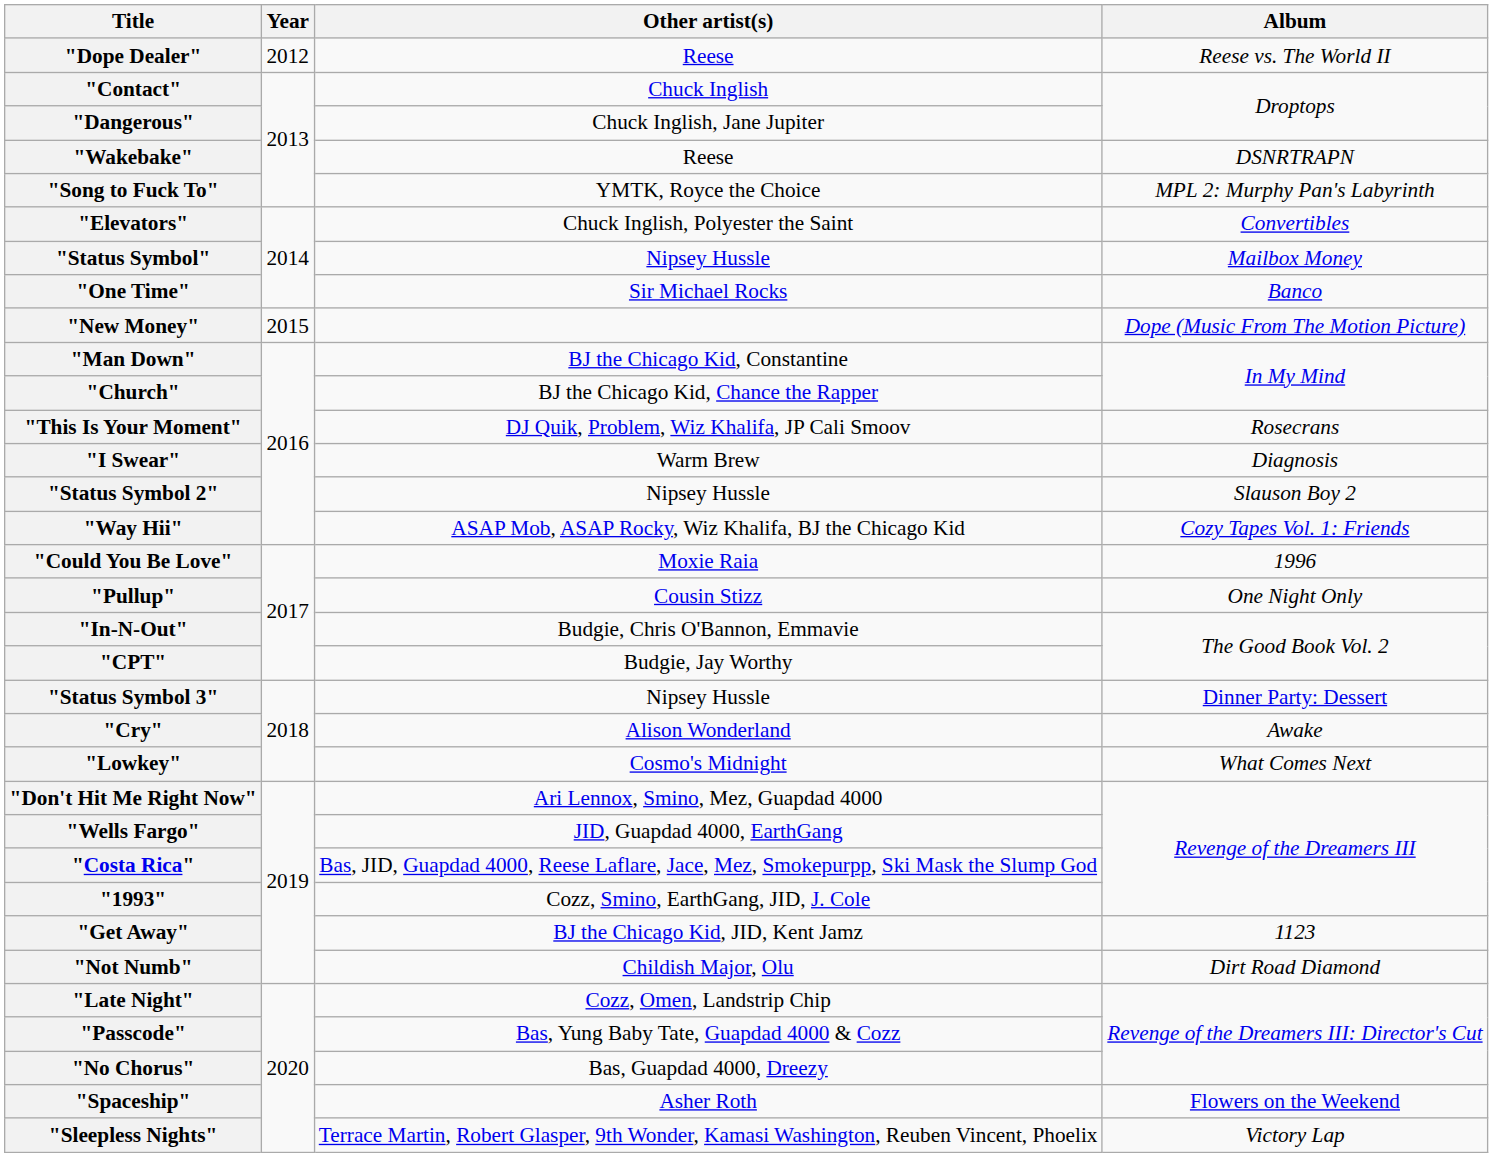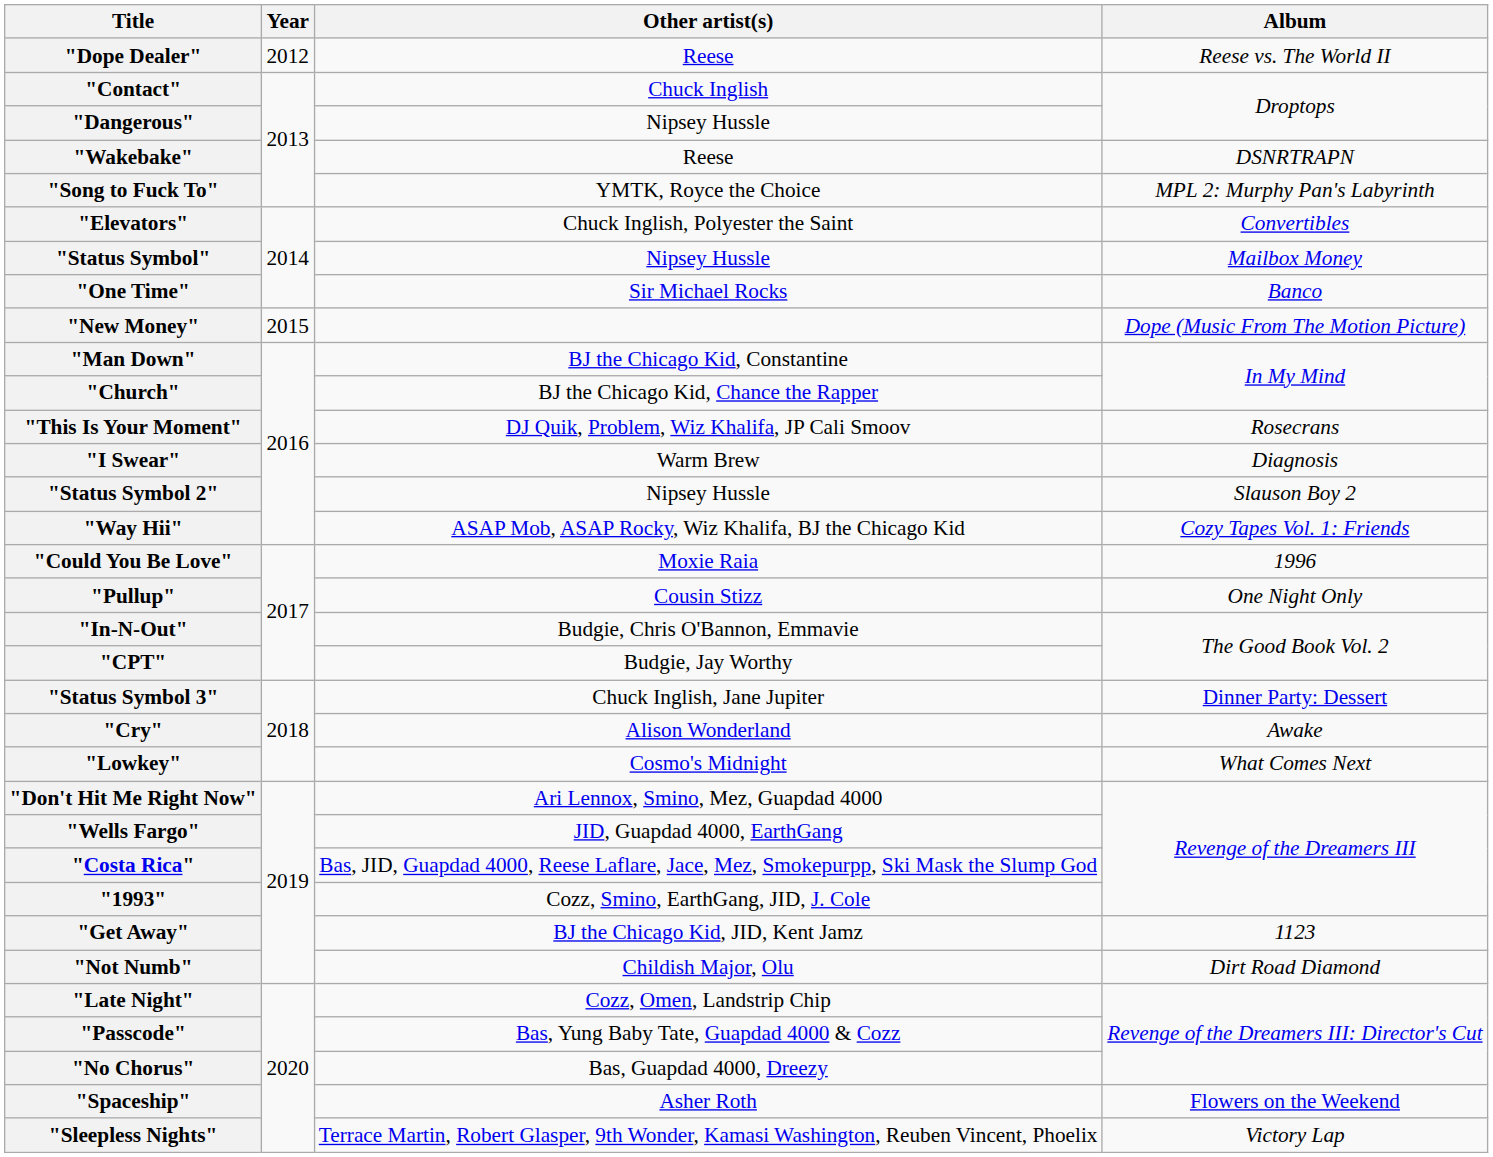 <table class="wikitable plainrowheaders" style="text-align:center;">
 <tr>
 <th scope="col">Title</th>
 <th scope="col">Year</th>
 <th scope="col">Other artist(s)</th>
 <th scope="col">Album</th>
 </tr>
 <tr>
 <th scope=row>"Dope Dealer"</th>
 <td>2012</td>
 <td><a href='#'>Reese</a></td>
 <td><em>Reese vs. The World II</em></td>
 </tr>
 <tr>
 <th scope=row>"Contact"</th>
 <td rowspan="4">2013</td>
 <td><a href='#'>Chuck Inglish</a></td>
 <td rowspan="2"><em>Droptops</em></td>
 </tr>
 <tr>
 <th scope=row>"Dangerous"</th>
-<td>Chuck Inglish, Jane Jupiter</td>
+<td>Nipsey Hussle</td>
 </tr>
 <tr>
 <th scope=row>"Wakebake"</th>
 <td>Reese</td>
 <td><em>DSNRTRAPN</em></td>
 </tr>
 <tr>
 <th scope=row>"Song to Fuck To"</th>
 <td>YMTK, Royce the Choice</td>
 <td><em>MPL 2: Murphy Pan's Labyrinth</em></td>
 </tr>
 <tr>
 <th scope=row>"Elevators"</th>
 <td rowspan="3">2014</td>
 <td>Chuck Inglish, Polyester the Saint</td>
 <td><em><a href='#'>Convertibles</a></em></td>
 </tr>
 <tr>
 <th scope=row>"Status Symbol"</th>
 <td><a href='#'>Nipsey Hussle</a></td>
 <td><em><a href='#'>Mailbox Money</a></em></td>
 </tr>
 <tr>
 <th scope=row>"One Time"</th>
 <td><a href='#'>Sir Michael Rocks</a></td>
 <td><em><a href='#'>Banco</a></em></td>
 </tr>
 <tr>
 <th scope=row>"New Money"</th>
 <td>2015</td>
 <td></td>
 <td><em><a href='#'>Dope (Music From The Motion Picture)</a></em></td>
 </tr>
 <tr>
 <th scope=row>"Man Down"</th>
 <td rowspan="6">2016</td>
 <td><a href='#'>BJ the Chicago Kid</a>, Constantine</td>
 <td rowspan="2"><em><a href='#'>In My Mind</a></em></td>
 </tr>
 <tr>
 <th scope=row>"Church"</th>
 <td>BJ the Chicago Kid, <a href='#'>Chance the Rapper</a></td>
 </tr>
 <tr>
 <th scope=row>"This Is Your Moment"</th>
 <td><a href='#'>DJ Quik</a>, <a href='#'>Problem</a>, <a href='#'>Wiz Khalifa</a>, JP Cali Smoov</td>
 <td><em>Rosecrans</em></td>
 </tr>
 <tr>
 <th scope=row>"I Swear"</th>
 <td>Warm Brew</td>
 <td><em>Diagnosis</em></td>
 </tr>
 <tr>
 <th scope=row>"Status Symbol 2"</th>
 <td>Nipsey Hussle</td>
 <td><em>Slauson Boy 2</em></td>
 </tr>
 <tr>
 <th scope=row>"Way Hii"</th>
 <td><a href='#'>ASAP Mob</a>, <a href='#'>ASAP Rocky</a>, Wiz Khalifa, BJ the Chicago Kid</td>
 <td><em><a href='#'>Cozy Tapes Vol. 1: Friends</a></em></td>
 </tr>
 <tr>
 <th scope=row>"Could You Be Love"</th>
 <td rowspan="4">2017</td>
 <td><a href='#'>Moxie Raia</a></td>
 <td><em>1996</em></td>
 </tr>
 <tr>
 <th scope=row>"Pullup"</th>
 <td><a href='#'>Cousin Stizz</a></td>
 <td><em>One Night Only</em></td>
 </tr>
 <tr>
 <th scope=row>"In-N-Out"</th>
 <td>Budgie, Chris O'Bannon, Emmavie</td>
 <td rowspan="2"><em>The Good Book Vol. 2</em></td>
 </tr>
 <tr>
 <th scope=row>"CPT"</th>
 <td>Budgie, Jay Worthy</td>
 </tr>
 <tr>
 <th scope=row>"Status Symbol 3"</th>
 <td rowspan="3">2018</td>
-<td>Nipsey Hussle</td>
+<td>Chuck Inglish, Jane Jupiter</td>
 <td><a href='#'>Dinner Party: Dessert</a></td>
 </tr>
 <tr>
 <th scope=row>"Cry"</th>
 <td><a href='#'>Alison Wonderland</a></td>
 <td><em>Awake</em></td>
 </tr>
 <tr>
 <th scope=row>"Lowkey"</th>
 <td><a href='#'>Cosmo's Midnight</a></td>
 <td><em>What Comes Next</em></td>
 </tr>
 <tr>
 <th scope="row">"Don't Hit Me Right Now"</th>
 <td rowspan="6">2019</td>
 <td><a href='#'>Ari Lennox</a>, <a href='#'>Smino</a>, Mez, Guapdad 4000</td>
 <td rowspan="4"><em><a href='#'>Revenge of the Dreamers III</a></em></td>
 </tr>
 <tr>
 <th scope="row">"Wells Fargo"</th>
 <td><a href='#'>JID</a>, Guapdad 4000, <a href='#'>EarthGang</a></td>
 </tr>
 <tr>
 <th scope=row>"<a href='#'>Costa Rica</a>"</th>
 <td><a href='#'>Bas</a>, JID, <a href='#'>Guapdad 4000</a>, <a href='#'>Reese Laflare</a>, <a href='#'>Jace</a>, <a href='#'>Mez</a>, <a href='#'>Smokepurpp</a>, <a href='#'>Ski Mask the Slump God</a></td>
 </tr>
 <tr>
 <th scope="row">"1993"</th>
 <td>Cozz, <a href='#'>Smino</a>, EarthGang, JID, <a href='#'>J. Cole</a></td>
 </tr>
 <tr>
 <th scope=row>"Get Away"</th>
 <td><a href='#'>BJ the Chicago Kid</a>, JID, Kent Jamz</td>
 <td><em>1123</em></td>
 </tr>
 <tr>
 <th scope="row">"Not Numb"</th>
 <td><a href='#'>Childish Major</a>, <a href='#'>Olu</a></td>
 <td><em>Dirt Road Diamond</em></td>
 </tr>
 <tr>
 <th scope="row">"Late Night"</th>
 <td rowspan="5">2020</td>
 <td><a href='#'>Cozz</a>, <a href='#'>Omen</a>, Landstrip Chip</td>
 <td rowspan="3"><em><a href='#'>Revenge of the Dreamers III: Director's Cut</a></em></td>
 </tr>
 <tr>
 <th scope="row">"Passcode"</th>
 <td><a href='#'>Bas</a>, Yung Baby Tate, <a href='#'>Guapdad 4000</a> & <a href='#'>Cozz</a></td>
 </tr>
 <tr>
 <th scope="row">"No Chorus"</th>
 <td>Bas, Guapdad 4000, <a href='#'>Dreezy</a></td>
 </tr>
 <tr>
 <th scope="row">"Spaceship"</th>
 <td><a href='#'>Asher Roth</a></td>
 <td><a href='#'>Flowers on the Weekend</a></td>
 </tr>
 <tr>
 <th scope="row">"Sleepless Nights"</th>
 <td><a href='#'>Terrace Martin</a>, <a href='#'>Robert Glasper</a>, <a href='#'>9th Wonder</a>, <a href='#'>Kamasi Washington</a>, Reuben Vincent, Phoelix</td>
 <td><em>Victory Lap</em></td>
 </tr>
 </table>
